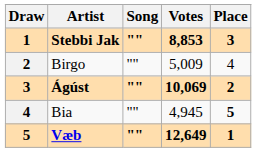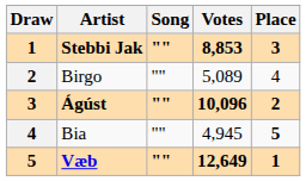 <table class="sortable wikitable plainrowheaders" style="margin: 1em auto 1em auto">
 <tr>
 </tr>
 <tr>
 <th scope="col">Draw</th>
 <th scope="col">Artist</th>
 <th scope="col">Song</th>
 <th scope="col">Votes</th>
 <th scope="col">Place</th>
 </tr>
 <tr style="font-weight:bold; background-color:navajowhite;">
 <th scope="row" style="text-align:center; font-weight:bold; background-color:navajowhite;">1</th>
 <td>Stebbi Jak</td>
 <td>""</td>
 <td align="center">8,853</td>
 <td align="center">3</td>
 </tr>
 <tr>
 <th scope="row" style="text-align:center;">2</th>
 <td>Birgo</td>
 <td>""</td>
-<td align="center">5,009</td>
+<td align="center">5,089</td>
 <td align="center">4</td>
 </tr>
 <tr style="font-weight:bold; background-color:navajowhite;">
 <th scope="row" style="text-align:center; font-weight:bold; background-color:navajowhite;">3</th>
 <td>Ágúst</td>
 <td>""</td>
-<td align="center">10,069</td>
+<td align="center">10,096</td>
 <td align="center">2</td>
 </tr>
 <tr>
 <th scope="row" style="text-align:center;">4</th>
 <td>Bia</td>
 <td>""</td>
 <td align="center">4,945</td>
 <td align="center"><strong>5</strong></td>
 </tr>
 <tr style="font-weight:bold; background-color:navajowhite;">
 <th scope="row" style="text-align:center; font-weight:bold; background-color:navajowhite;">5</th>
 <td><a href='#'>Væb</a></td>
 <td>""</td>
 <td align="center">12,649</td>
 <td align="center">1</td>
 </tr>
 </table>
